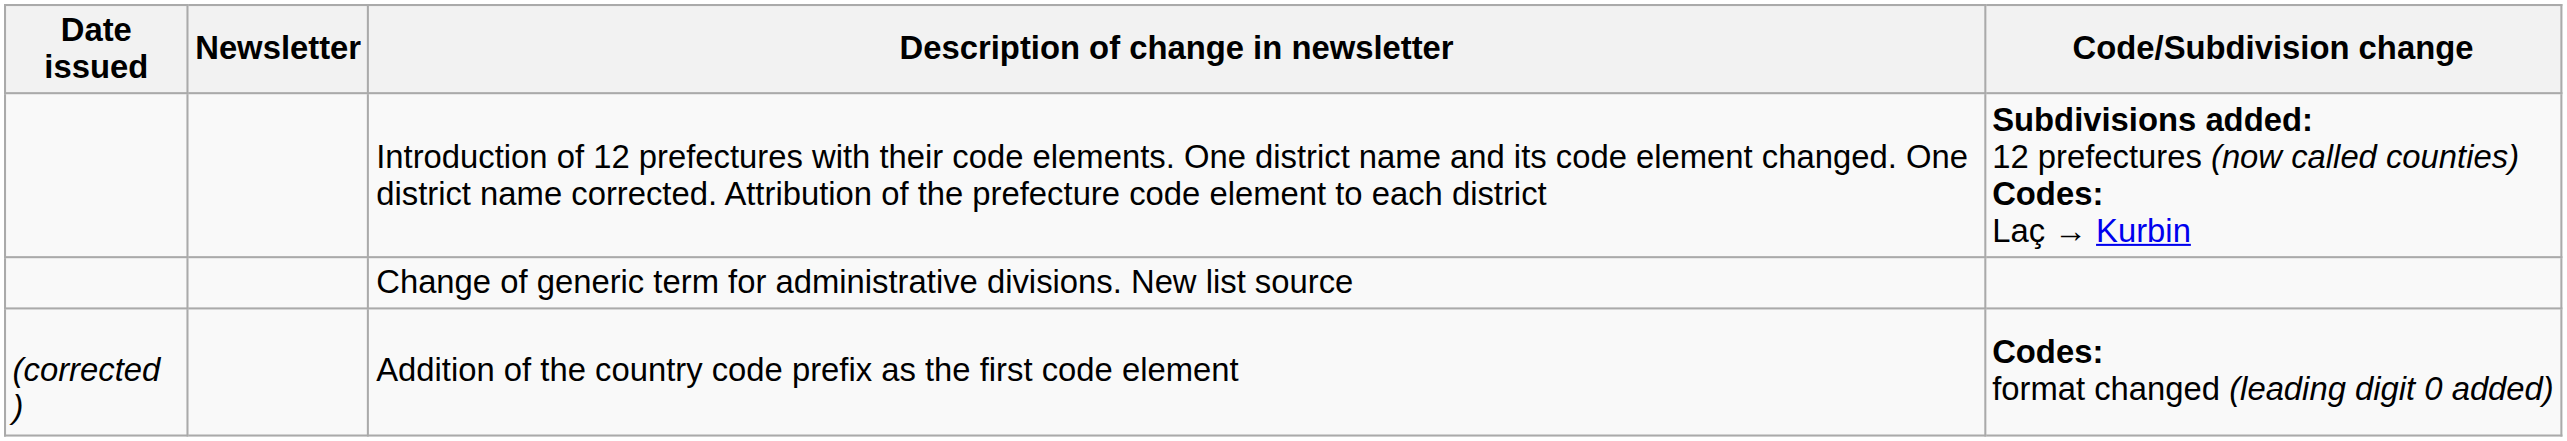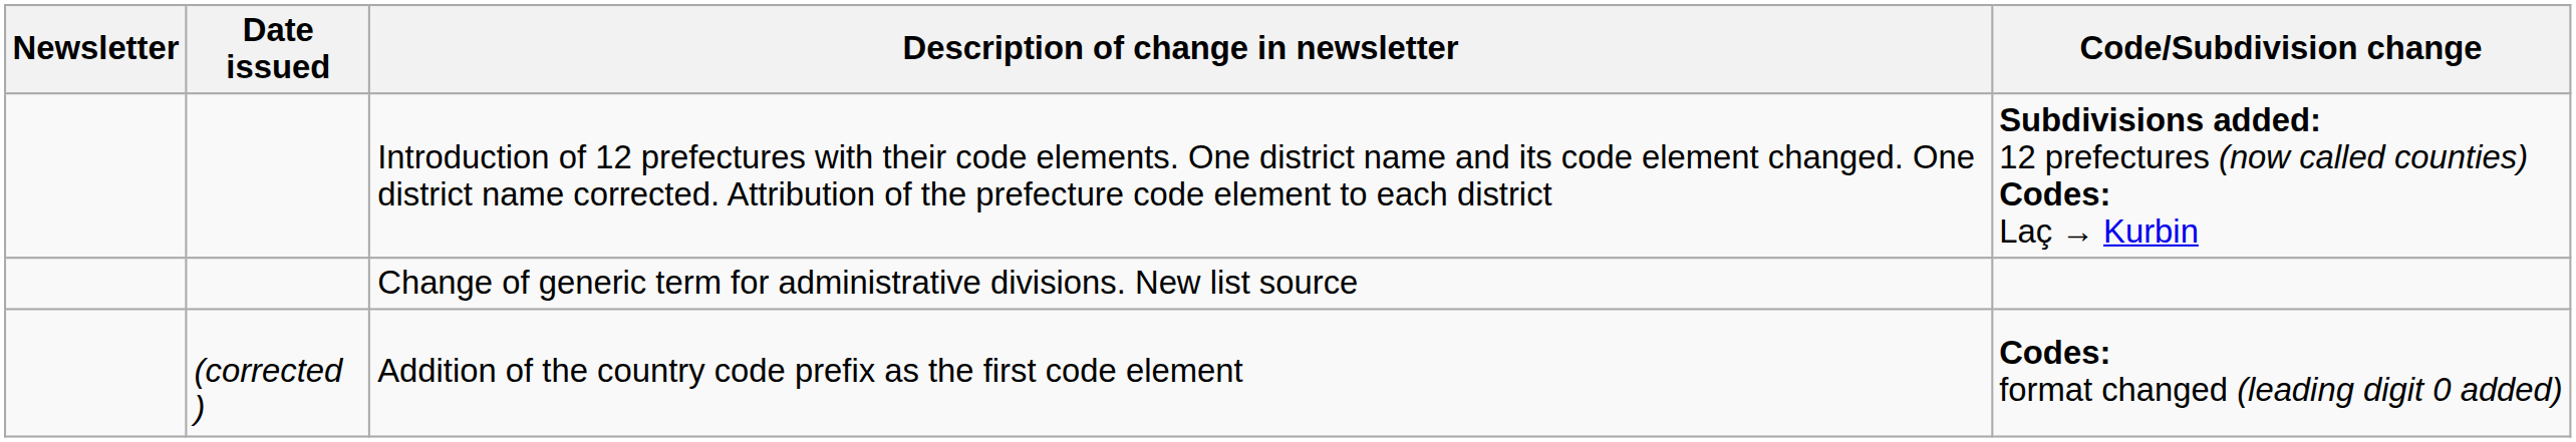 <table class="wikitable">
 <tr>
+<th>Newsletter</th>
 <th>Date issued</th>
-<th>Newsletter</th>
 <th>Description of change in newsletter</th>
 <th>Code/Subdivision change</th>
 </tr>
 <tr>
+<td id="I-2"></td>
 <td></td>
-<td id="I-2"></td>
 <td>Introduction of 12 prefectures with their code elements. One district name and its code element changed. One district name corrected. Attribution of the prefecture code element to each district</td>
 <td style=white-space:nowrap><strong>Subdivisions added:</strong><br> 12 prefectures <em>(now called counties)</em><br> <strong>Codes:</strong><br>  Laç →  <a href='#'>Kurbin</a></td>
 </tr>
 <tr>
+<td id="I-6"></td>
 <td></td>
-<td id="I-6"></td>
 <td>Change of generic term for administrative divisions. New list source</td>
 <td></td>
 </tr>
 <tr>
+<td id="II-1"></td>
 <td><br> <em>(corrected<br> )</em></td>
-<td id="II-1"></td>
 <td>Addition of the country code prefix as the first code element</td>
 <td style=white-space:nowrap><strong>Codes:</strong><br> format changed <em>(leading digit 0 added)</em></td>
 </tr>
 </table>
